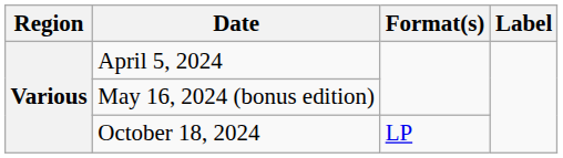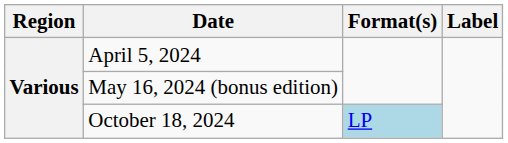 <table class="wikitable plainrowheaders">
 <tr>
 <th scope="col">Region</th>
 <th scope="col">Date</th>
 <th scope="col">Format(s)</th>
 <th scope="col">Label</th>
 </tr>
 <tr>
 <th rowspan="3" scope="row">Various</th>
 <td>April 5, 2024</td>
 <td rowspan="2"></td>
 <td rowspan="3"></td>
 </tr>
 <tr>
 <td>May 16, 2024 (bonus edition)</td>
 </tr>
 <tr>
 <td>October 18, 2024</td>
-<td><a href='#'>LP</a></td>
+<td style="background: lightblue;"><a href='#'>LP</a></td>
 </tr>
 </table>
